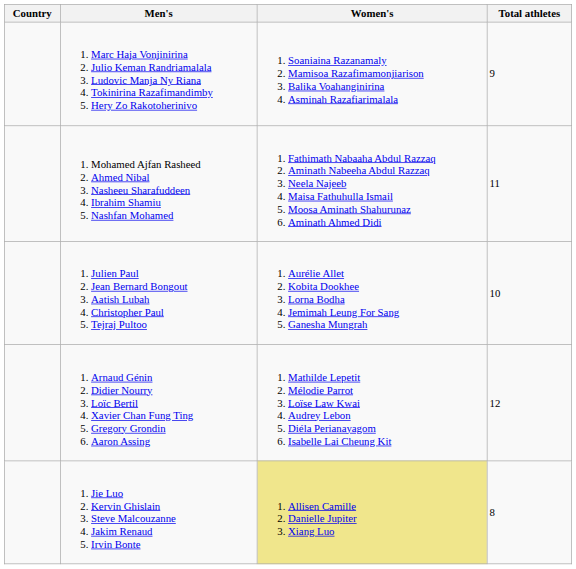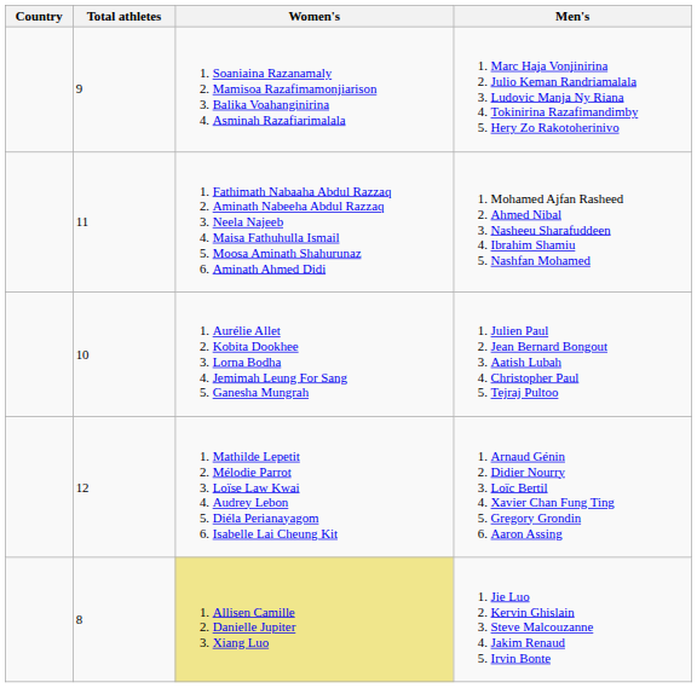 <table class="wikitable" style="width:800px; font-size:95%;">
 <tr>
 <th align="left">Country</th>
+<th align="center">Total athletes</th>
+<th align="left">Women's</th>
 <th align="left">Men's</th>
-<th align="left">Women's</th>
-<th align="center">Total athletes</th>
 </tr>
 <tr>
 <td></td>
+<td>9</td>
+<td><br><ol><li><a href='#'>Soaniaina Razanamaly</a></li><li><a href='#'>Mamisoa Razafimamonjiarison</a></li><li><a href='#'>Balika Voahanginirina</a></li><li><a href='#'>Asminah Razafiarimalala</a></li></ol></td>
 <td><br><ol><li><a href='#'>Marc Haja Vonjinirina</a></li><li><a href='#'>Julio Keman Randriamalala</a></li><li><a href='#'>Ludovic Manja Ny Riana</a></li><li><a href='#'>Tokinirina Razafimandimby</a></li><li><a href='#'>Hery Zo Rakotoherinivo</a></li></ol></td>
-<td><br><ol><li><a href='#'>Soaniaina Razanamaly</a></li><li><a href='#'>Mamisoa Razafimamonjiarison</a></li><li><a href='#'>Balika Voahanginirina</a></li><li><a href='#'>Asminah Razafiarimalala</a></li></ol></td>
-<td>9</td>
 </tr>
 <tr>
 <td></td>
+<td>11</td>
+<td><br><ol><li><a href='#'>Fathimath Nabaaha Abdul Razzaq</a></li><li><a href='#'>Aminath Nabeeha Abdul Razzaq</a></li><li><a href='#'>Neela Najeeb</a></li><li><a href='#'>Maisa Fathuhulla Ismail</a></li><li><a href='#'>Moosa Aminath Shahurunaz</a></li><li><a href='#'>Aminath Ahmed Didi</a></li></ol></td>
 <td><br><ol><li>Mohamed Ajfan Rasheed</li><li><a href='#'>Ahmed Nibal</a></li><li><a href='#'>Nasheeu Sharafuddeen</a></li><li><a href='#'>Ibrahim Shamiu</a></li><li><a href='#'>Nashfan Mohamed</a></li></ol></td>
-<td><br><ol><li><a href='#'>Fathimath Nabaaha Abdul Razzaq</a></li><li><a href='#'>Aminath Nabeeha Abdul Razzaq</a></li><li><a href='#'>Neela Najeeb</a></li><li><a href='#'>Maisa Fathuhulla Ismail</a></li><li><a href='#'>Moosa Aminath Shahurunaz</a></li><li><a href='#'>Aminath Ahmed Didi</a></li></ol></td>
-<td>11</td>
 </tr>
 <tr>
 <td></td>
+<td>10</td>
+<td><br><ol><li><a href='#'>Aurélie Allet</a></li><li><a href='#'>Kobita Dookhee</a></li><li><a href='#'>Lorna Bodha</a></li><li><a href='#'>Jemimah Leung For Sang</a></li><li><a href='#'>Ganesha Mungrah</a></li></ol></td>
 <td><br><ol><li><a href='#'>Julien Paul</a></li><li><a href='#'>Jean Bernard Bongout</a></li><li><a href='#'>Aatish Lubah</a></li><li><a href='#'>Christopher Paul</a></li><li><a href='#'>Tejraj Pultoo</a></li></ol></td>
-<td><br><ol><li><a href='#'>Aurélie Allet</a></li><li><a href='#'>Kobita Dookhee</a></li><li><a href='#'>Lorna Bodha</a></li><li><a href='#'>Jemimah Leung For Sang</a></li><li><a href='#'>Ganesha Mungrah</a></li></ol></td>
-<td>10</td>
 </tr>
 <tr>
 <td></td>
+<td>12</td>
+<td><br><ol><li><a href='#'>Mathilde Lepetit</a></li><li><a href='#'>Mélodie Parrot</a></li><li><a href='#'>Loïse Law Kwai</a></li><li><a href='#'>Audrey Lebon</a></li><li><a href='#'>Diéla Perianayagom</a></li><li><a href='#'>Isabelle Lai Cheung Kit</a></li></ol></td>
 <td><br><ol><li><a href='#'>Arnaud Génin</a></li><li><a href='#'>Didier Nourry</a></li><li><a href='#'>Loïc Bertil</a></li><li><a href='#'>Xavier Chan Fung Ting</a></li><li><a href='#'>Gregory Grondin</a></li><li><a href='#'>Aaron Assing</a></li></ol></td>
-<td><br><ol><li><a href='#'>Mathilde Lepetit</a></li><li><a href='#'>Mélodie Parrot</a></li><li><a href='#'>Loïse Law Kwai</a></li><li><a href='#'>Audrey Lebon</a></li><li><a href='#'>Diéla Perianayagom</a></li><li><a href='#'>Isabelle Lai Cheung Kit</a></li></ol></td>
-<td>12</td>
 </tr>
 <tr>
 <td></td>
+<td>8</td>
+<td style="background: khaki;"><br><ol><li><a href='#'>Allisen Camille</a></li><li><a href='#'>Danielle Jupiter</a></li><li><a href='#'>Xiang Luo</a></li></ol></td>
 <td><br><ol><li><a href='#'>Jie Luo</a></li><li><a href='#'>Kervin Ghislain</a></li><li><a href='#'>Steve Malcouzanne</a></li><li><a href='#'>Jakim Renaud</a></li><li><a href='#'>Irvin Bonte</a></li></ol></td>
-<td style="background: khaki;"><br><ol><li><a href='#'>Allisen Camille</a></li><li><a href='#'>Danielle Jupiter</a></li><li><a href='#'>Xiang Luo</a></li></ol></td>
-<td>8</td>
 </tr>
 </table>
